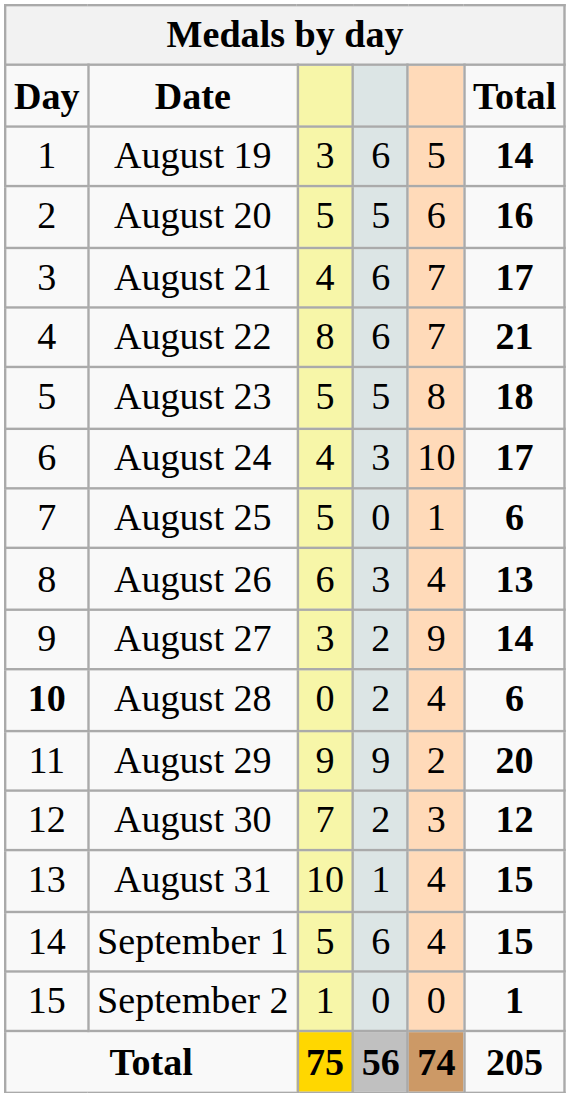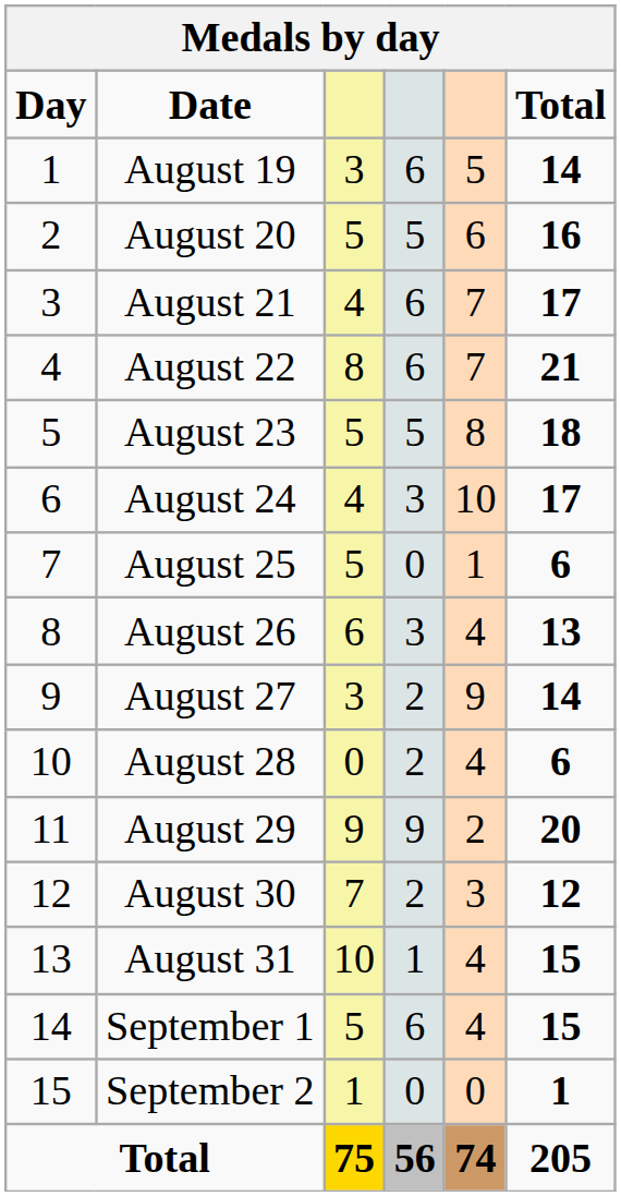 <table class=wikitable style="text-align:center">
 <tr>
 <th colspan=7>Medals by day</th>
 </tr>
 <tr>
 <td><strong>Day</strong></td>
 <td><strong>Date</strong></td>
 <td style="background:#F7F6A8"></td>
 <td style="background:#DCE5E5"></td>
 <td style="background:#FFDAB9"></td>
 <td><strong>Total</strong></td>
 </tr>
 <tr>
 <td>1</td>
 <td>August 19</td>
 <td style="background:#F7F6A8">3</td>
 <td style="background:#DCE5E5">6</td>
 <td style="background:#FFDAB9">5</td>
 <td><strong>14</strong></td>
 </tr>
 <tr>
 <td>2</td>
 <td>August 20</td>
 <td style="background:#F7F6A8">5</td>
 <td style="background:#DCE5E5">5</td>
 <td style="background:#FFDAB9">6</td>
 <td><strong>16</strong></td>
 </tr>
 <tr>
 <td>3</td>
 <td>August 21</td>
 <td style="background:#F7F6A8">4</td>
 <td style="background:#DCE5E5">6</td>
 <td style="background:#FFDAB9">7</td>
 <td><strong>17</strong></td>
 </tr>
 <tr>
 <td>4</td>
 <td>August 22</td>
 <td style="background:#F7F6A8">8</td>
 <td style="background:#DCE5E5">6</td>
 <td style="background:#FFDAB9">7</td>
 <td><strong>21</strong></td>
 </tr>
 <tr>
 <td>5</td>
 <td>August 23</td>
 <td style="background:#F7F6A8">5</td>
 <td style="background:#DCE5E5">5</td>
 <td style="background:#FFDAB9">8</td>
 <td><strong>18</strong></td>
 </tr>
 <tr>
 <td>6</td>
 <td>August 24</td>
 <td style="background:#F7F6A8">4</td>
 <td style="background:#DCE5E5">3</td>
 <td style="background:#FFDAB9">10</td>
 <td><strong>17</strong></td>
 </tr>
 <tr>
 <td>7</td>
 <td>August 25</td>
 <td style="background:#F7F6A8">5</td>
 <td style="background:#DCE5E5">0</td>
 <td style="background:#FFDAB9">1</td>
 <td><strong>6</strong></td>
 </tr>
 <tr>
 <td>8</td>
 <td>August 26</td>
 <td style="background:#F7F6A8">6</td>
 <td style="background:#DCE5E5">3</td>
 <td style="background:#FFDAB9">4</td>
 <td><strong>13</strong></td>
 </tr>
 <tr>
 <td>9</td>
 <td>August 27</td>
 <td style="background:#F7F6A8">3</td>
 <td style="background:#DCE5E5">2</td>
 <td style="background:#FFDAB9">9</td>
 <td><strong>14</strong></td>
 </tr>
 <tr>
-<td><strong>10</strong></td>
+<td>10</td>
 <td>August 28</td>
 <td style="background:#F7F6A8">0</td>
 <td style="background:#DCE5E5">2</td>
 <td style="background:#FFDAB9">4</td>
 <td><strong>6</strong></td>
 </tr>
 <tr>
 <td>11</td>
 <td>August 29</td>
 <td style="background:#F7F6A8">9</td>
 <td style="background:#DCE5E5">9</td>
 <td style="background:#FFDAB9">2</td>
 <td><strong>20</strong></td>
 </tr>
 <tr>
 <td>12</td>
 <td>August 30</td>
 <td style="background:#F7F6A8">7</td>
 <td style="background:#DCE5E5">2</td>
 <td style="background:#FFDAB9">3</td>
 <td><strong>12</strong></td>
 </tr>
 <tr>
 <td>13</td>
 <td>August 31</td>
 <td style="background:#F7F6A8">10</td>
 <td style="background:#DCE5E5">1</td>
 <td style="background:#FFDAB9">4</td>
 <td><strong>15</strong></td>
 </tr>
 <tr>
 <td>14</td>
 <td>September 1</td>
 <td style="background:#F7F6A8">5</td>
 <td style="background:#DCE5E5">6</td>
 <td style="background:#FFDAB9">4</td>
 <td><strong>15</strong></td>
 </tr>
 <tr>
 <td>15</td>
 <td>September 2</td>
 <td style="background:#F7F6A8">1</td>
 <td style="background:#DCE5E5">0</td>
 <td style="background:#FFDAB9">0</td>
 <td><strong>1</strong></td>
 </tr>
 <tr>
 <td colspan=2><strong>Total</strong></td>
 <td style="background:gold;"><strong>75</strong></td>
 <td style="background:silver;"><strong>56</strong></td>
 <td style="background:#c96;"><strong>74</strong></td>
 <td><strong>205</strong></td>
 </tr>
 </table>
